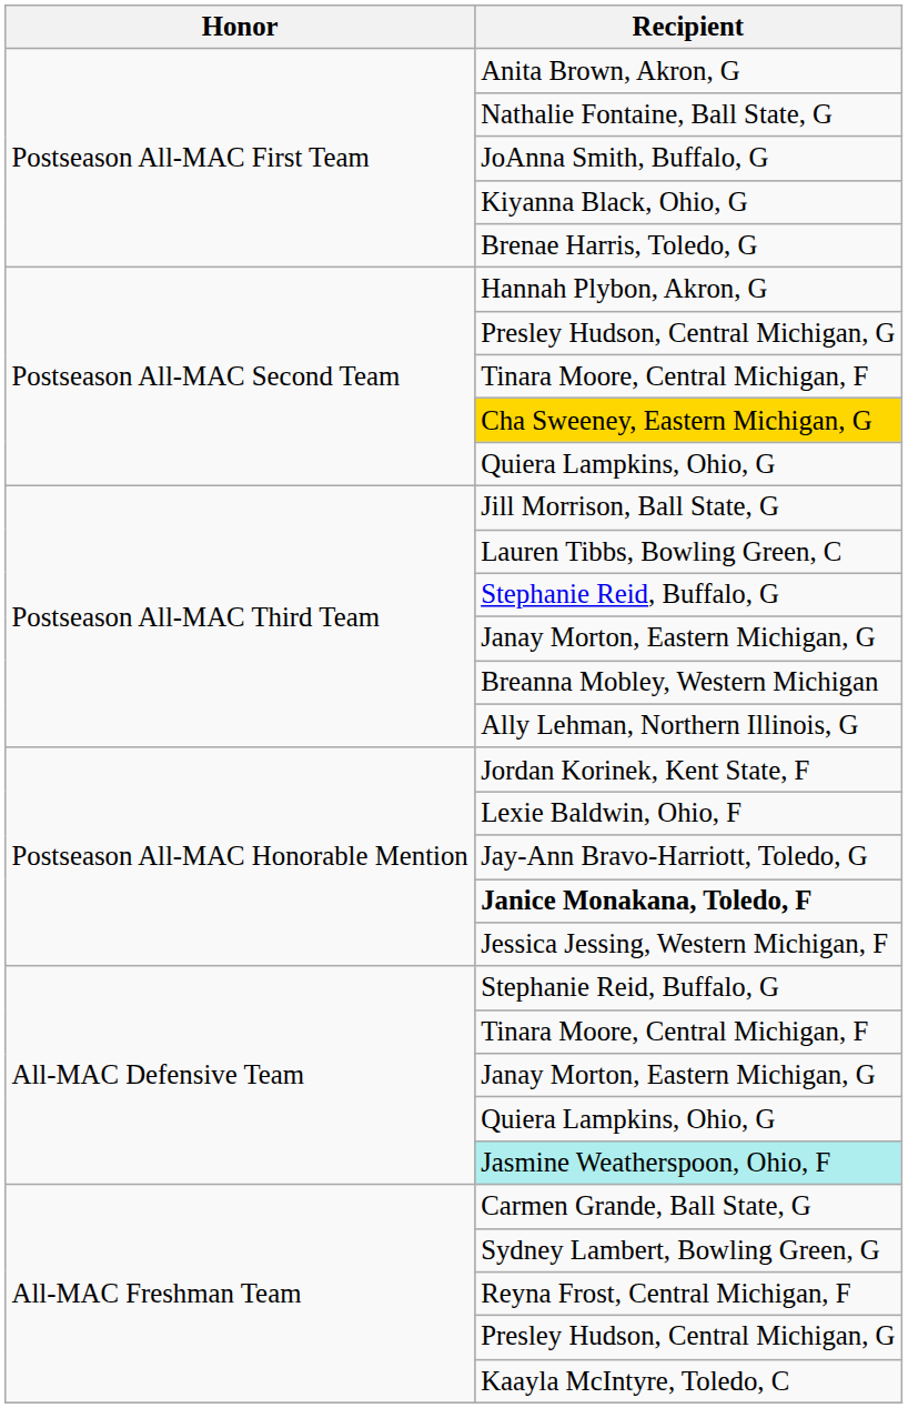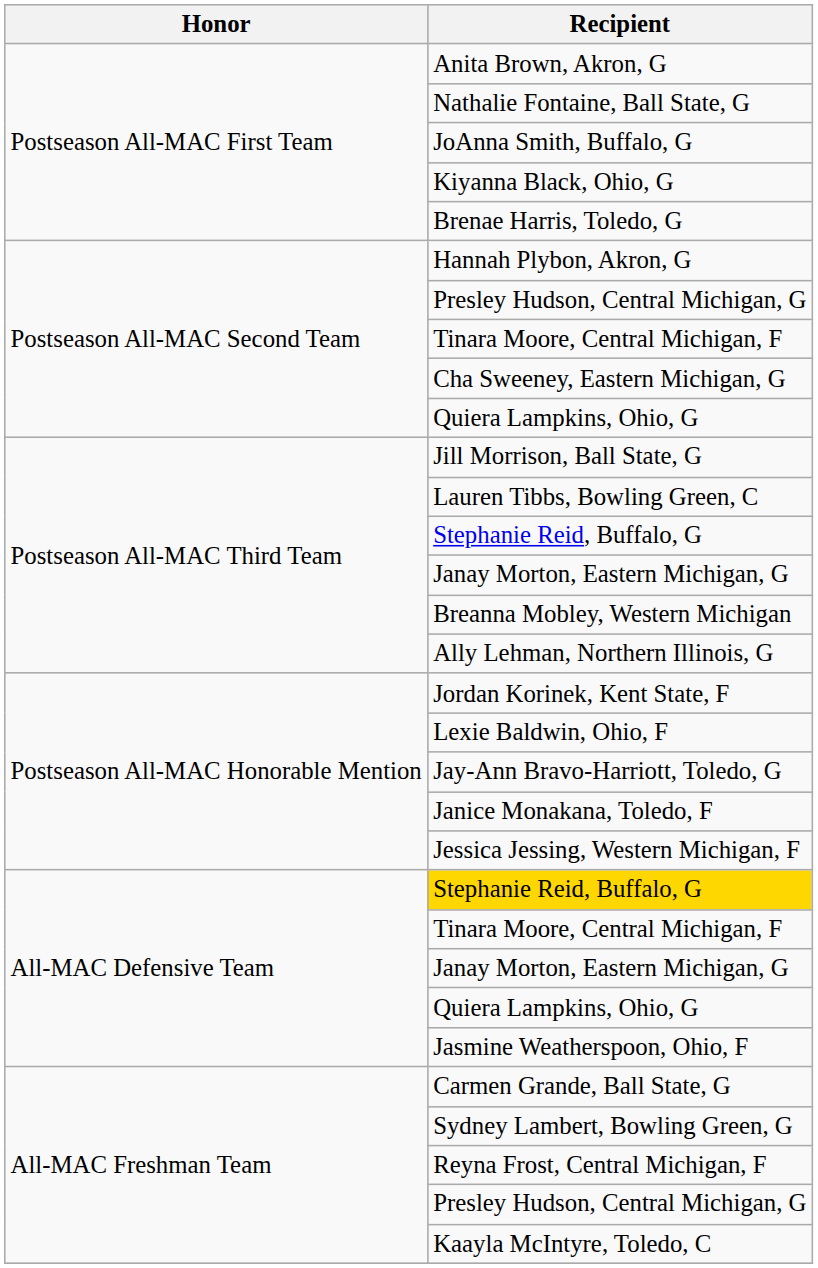 <table class="wikitable" border="1">
 <tr>
 <th>Honor</th>
 <th>Recipient</th>
 </tr>
 <tr>
 <td rowspan=5 valign=middle>Postseason All-MAC First Team</td>
 <td>Anita Brown, Akron, G</td>
 </tr>
 <tr>
 <td>Nathalie Fontaine, Ball State, G</td>
 </tr>
 <tr>
 <td>JoAnna Smith, Buffalo, G</td>
 </tr>
 <tr>
 <td>Kiyanna Black, Ohio, G</td>
 </tr>
 <tr>
 <td>Brenae Harris, Toledo, G</td>
 </tr>
 <tr>
 <td rowspan=5 valign=middle>Postseason All-MAC Second Team</td>
 <td>Hannah Plybon, Akron, G</td>
 </tr>
 <tr>
 <td>Presley Hudson, Central Michigan, G</td>
 </tr>
 <tr>
 <td>Tinara Moore, Central Michigan, F</td>
 </tr>
 <tr>
-<td style="background: gold;">Cha Sweeney, Eastern Michigan, G</td>
+<td>Cha Sweeney, Eastern Michigan, G</td>
 </tr>
 <tr>
 <td>Quiera Lampkins, Ohio, G</td>
 </tr>
 <tr>
 <td rowspan=6 valign=middle>Postseason All-MAC Third Team</td>
 <td>Jill Morrison, Ball State, G</td>
 </tr>
 <tr>
 <td>Lauren Tibbs, Bowling Green, C</td>
 </tr>
 <tr>
 <td><a href='#'>Stephanie Reid</a>, Buffalo, G</td>
 </tr>
 <tr>
 <td>Janay Morton, Eastern Michigan, G</td>
 </tr>
 <tr>
 <td>Breanna Mobley, Western Michigan</td>
 </tr>
 <tr>
 <td>Ally Lehman, Northern Illinois, G</td>
 </tr>
 <tr>
 <td rowspan=5 valign=middle>Postseason All-MAC Honorable Mention</td>
 <td>Jordan Korinek, Kent State, F</td>
 </tr>
 <tr>
 <td>Lexie Baldwin, Ohio, F</td>
 </tr>
 <tr>
 <td>Jay-Ann Bravo-Harriott, Toledo, G</td>
 </tr>
 <tr>
-<td><strong>Janice Monakana, Toledo, F</strong></td>
+<td>Janice Monakana, Toledo, F</td>
 </tr>
 <tr>
 <td>Jessica Jessing, Western Michigan, F</td>
 </tr>
 <tr>
 <td rowspan=5 valign=middle>All-MAC Defensive Team</td>
-<td>Stephanie Reid, Buffalo, G</td>
+<td style="background: gold;">Stephanie Reid, Buffalo, G</td>
 </tr>
 <tr>
 <td>Tinara Moore, Central Michigan, F</td>
 </tr>
 <tr>
 <td>Janay Morton, Eastern Michigan, G</td>
 </tr>
 <tr>
 <td>Quiera Lampkins, Ohio, G</td>
 </tr>
 <tr>
-<td style="background: paleturquoise;">Jasmine Weatherspoon, Ohio, F</td>
+<td>Jasmine Weatherspoon, Ohio, F</td>
 </tr>
 <tr>
 <td rowspan=5 valign=middle>All-MAC Freshman Team</td>
 <td>Carmen Grande, Ball State, G</td>
 </tr>
 <tr>
 <td>Sydney Lambert, Bowling Green, G</td>
 </tr>
 <tr>
 <td>Reyna Frost, Central Michigan, F</td>
 </tr>
 <tr>
 <td>Presley Hudson, Central Michigan, G</td>
 </tr>
 <tr>
 <td>Kaayla McIntyre, Toledo, C</td>
 </tr>
 <tr>
 </tr>
 </table>
